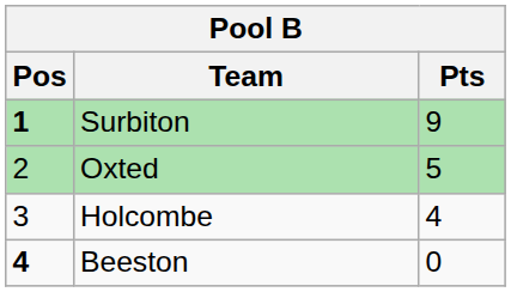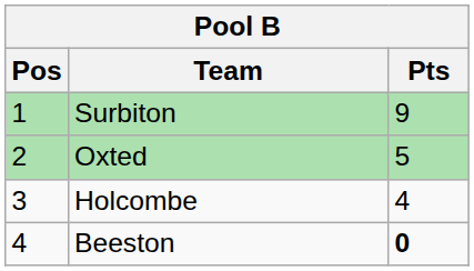 <table class="wikitable">
 <tr>
 <th colspan="6">Pool B</th>
 </tr>
 <tr>
 <th width=20>Pos</th>
 <th width=180>Team</th>
 <th width=40>Pts</th>
 </tr>
 <tr style="background:#ACE1AF;">
-<td><strong>1</strong></td>
+<td>1</td>
 <td style="text-align:left;">Surbiton</td>
 <td>9</td>
 </tr>
 <tr style="background:#ACE1AF;">
 <td>2</td>
 <td style="text-align:left;">Oxted</td>
 <td>5</td>
 </tr>
 <tr>
 <td>3</td>
 <td style="text-align:left;">Holcombe</td>
 <td>4</td>
 </tr>
 <tr>
-<td><strong>4</strong></td>
+<td>4</td>
 <td style="text-align:left;">Beeston</td>
-<td>0</td>
+<td><strong>0</strong></td>
 </tr>
 </table>
